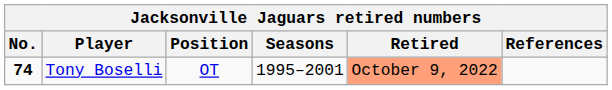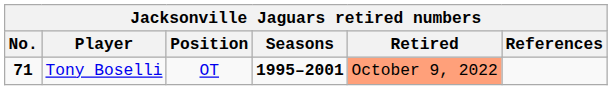 <table class="wikitable" style="text-align:center">
 <tr>
 <th colspan=6><strong>Jacksonville Jaguars retired numbers</strong></th>
 </tr>
 <tr>
 <th>No.</th>
 <th>Player</th>
 <th>Position</th>
 <th>Seasons</th>
 <th>Retired</th>
 <th>References</th>
 </tr>
 <tr>
-<td><strong>74</strong></td>
+<td><strong>71</strong></td>
 <td><a href='#'>Tony Boselli</a></td>
 <td><a href='#'>OT</a></td>
-<td>1995–2001</td>
+<td><strong>1995–2001</strong></td>
 <td style="background: lightsalmon;">October 9, 2022</td>
 <td></td>
 </tr>
 </table>
